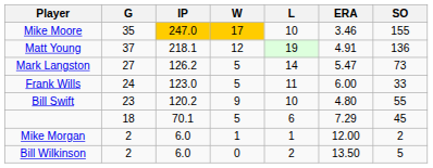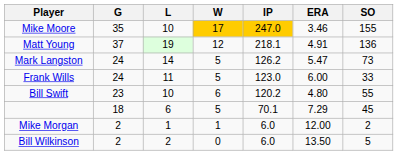 <table class="wikitable sortable">
 <tr>
 <th bgcolor="#DDDDFF" width="16%">Player</th>
 <th bgcolor="#DDDDFF" width="9%">G</th>
+<th bgcolor="#DDDDFF" width="9%">L</th>
+<th bgcolor="#DDDDFF" width="9%">W</th>
 <th bgcolor="#DDDDFF" width="9%">IP</th>
-<th bgcolor="#DDDDFF" width="9%">W</th>
-<th bgcolor="#DDDDFF" width="9%">L</th>
 <th bgcolor="#DDDDFF" width="9%">ERA</th>
 <th bgcolor="#DDDDFF" width="9%">SO</th>
 </tr>
 <tr align="center">
 <td><a href='#'>Mike Moore</a></td>
 <td>35</td>
+<td>10</td>
+<td style="background:#fc0;">17</td>
 <td style="background:#fc0;">247.0</td>
-<td style="background:#fc0;">17</td>
-<td>10</td>
 <td>3.46</td>
 <td>155</td>
 </tr>
 <tr align=center>
 <td><a href='#'>Matt Young</a></td>
 <td>37</td>
+<td style="background:#DDFFDD;">19</td>
+<td>12</td>
 <td>218.1</td>
-<td>12</td>
-<td style="background:#DDFFDD;">19</td>
 <td>4.91</td>
 <td>136</td>
 </tr>
 <tr align=center>
 <td><a href='#'>Mark Langston</a></td>
-<td>27</td>
+<td>24</td>
+<td>14</td>
+<td>5</td>
 <td>126.2</td>
-<td>5</td>
-<td>14</td>
 <td>5.47</td>
 <td>73</td>
 </tr>
 <tr align=center>
 <td><a href='#'>Frank Wills</a></td>
 <td>24</td>
+<td>11</td>
+<td>5</td>
 <td>123.0</td>
-<td>5</td>
-<td>11</td>
 <td>6.00</td>
 <td>33</td>
 </tr>
 <tr align=center>
 <td><a href='#'>Bill Swift</a></td>
 <td>23</td>
+<td>10</td>
+<td>6</td>
 <td>120.2</td>
-<td>9</td>
-<td>10</td>
 <td>4.80</td>
 <td>55</td>
 </tr>
 <tr align=center>
 <td></td>
 <td>18</td>
+<td>6</td>
+<td>5</td>
 <td>70.1</td>
-<td>5</td>
-<td>6</td>
 <td>7.29</td>
 <td>45</td>
 </tr>
 <tr align="center">
 <td><a href='#'>Mike Morgan</a></td>
 <td>2</td>
-<td>6.0</td>
 <td>1</td>
 <td>1</td>
+<td>6.0</td>
 <td>12.00</td>
 <td>2</td>
 </tr>
 <tr align=center>
 <td><a href='#'>Bill Wilkinson</a></td>
 <td>2</td>
+<td>2</td>
+<td>0</td>
 <td>6.0</td>
-<td>0</td>
-<td>2</td>
 <td>13.50</td>
 <td>5</td>
 </tr>
 </table>
